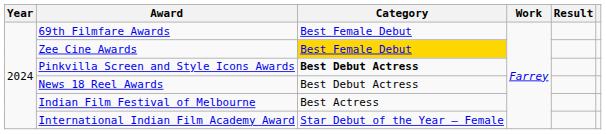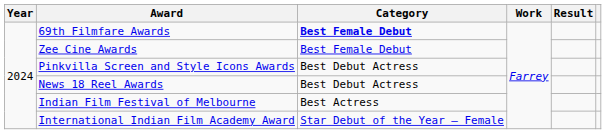 <table class="wikitable">
 <tr>
 <th>Year</th>
 <th>Award</th>
 <th>Category</th>
 <th>Work</th>
 <th>Result</th>
 <th></th>
 </tr>
 <tr>
 <td rowspan=6>2024</td>
 <td><a href='#'>69th Filmfare Awards</a></td>
-<td><a href='#'>Best Female Debut</a></td>
+<td><strong><a href='#'>Best Female Debut</a></strong></td>
 <td rowspan=6><em><a href='#'>Farrey</a></em></td>
 <td></td>
 <td></td>
 </tr>
 <tr>
 <td><a href='#'>Zee Cine Awards</a></td>
-<td style="background: gold;"><a href='#'>Best Female Debut</a></td>
+<td><a href='#'>Best Female Debut</a></td>
 <td></td>
 <td></td>
 </tr>
 <tr>
 <td><a href='#'>Pinkvilla Screen and Style Icons Awards</a></td>
-<td><strong>Best Debut Actress</strong></td>
+<td>Best Debut Actress</td>
 <td></td>
 <td></td>
 </tr>
 <tr>
 <td><a href='#'>News 18 Reel Awards</a></td>
 <td>Best Debut Actress</td>
 <td></td>
 <td></td>
 </tr>
 <tr>
 <td><a href='#'>Indian Film Festival of Melbourne</a></td>
 <td>Best Actress</td>
 <td></td>
 <td></td>
 </tr>
 <tr>
 <td><a href='#'>International Indian Film Academy Award</a></td>
 <td><a href='#'>Star Debut of the Year – Female</a></td>
 <td></td>
 <td></td>
 </tr>
 </table>
